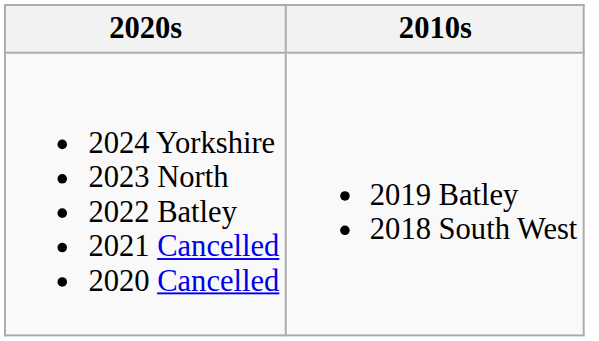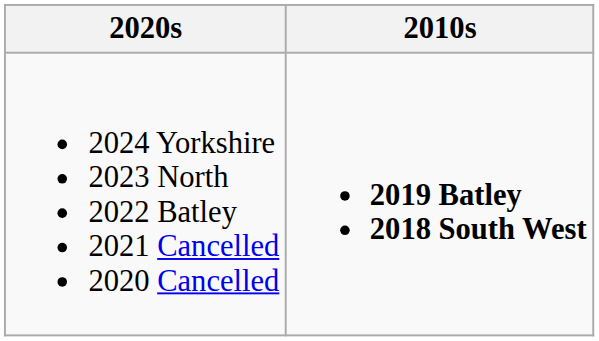 <table class="wikitable">
 <tr>
 <th>2020s</th>
 <th>2010s</th>
 </tr>
 <tr>
 <td><br><ul><li>2024	Yorkshire</li><li>2023	North</li><li>2022	Batley</li><li>2021	<a href='#'>Cancelled</a></li><li>2020	<a href='#'>Cancelled</a></li></ul></td>
-<td><br><ul><li>2019	Batley</li><li>2018	South West</li></ul></td>
+<td><strong><br><ul><li>2019	Batley</li><li>2018	South West</li></ul></strong></td>
 </tr>
 </table>
